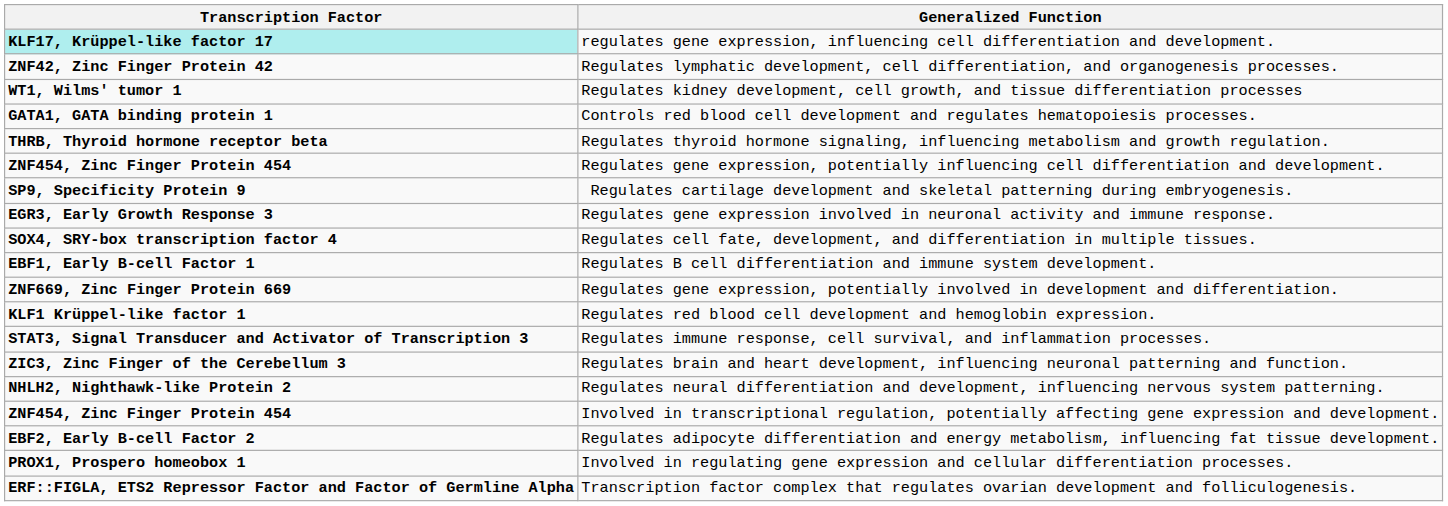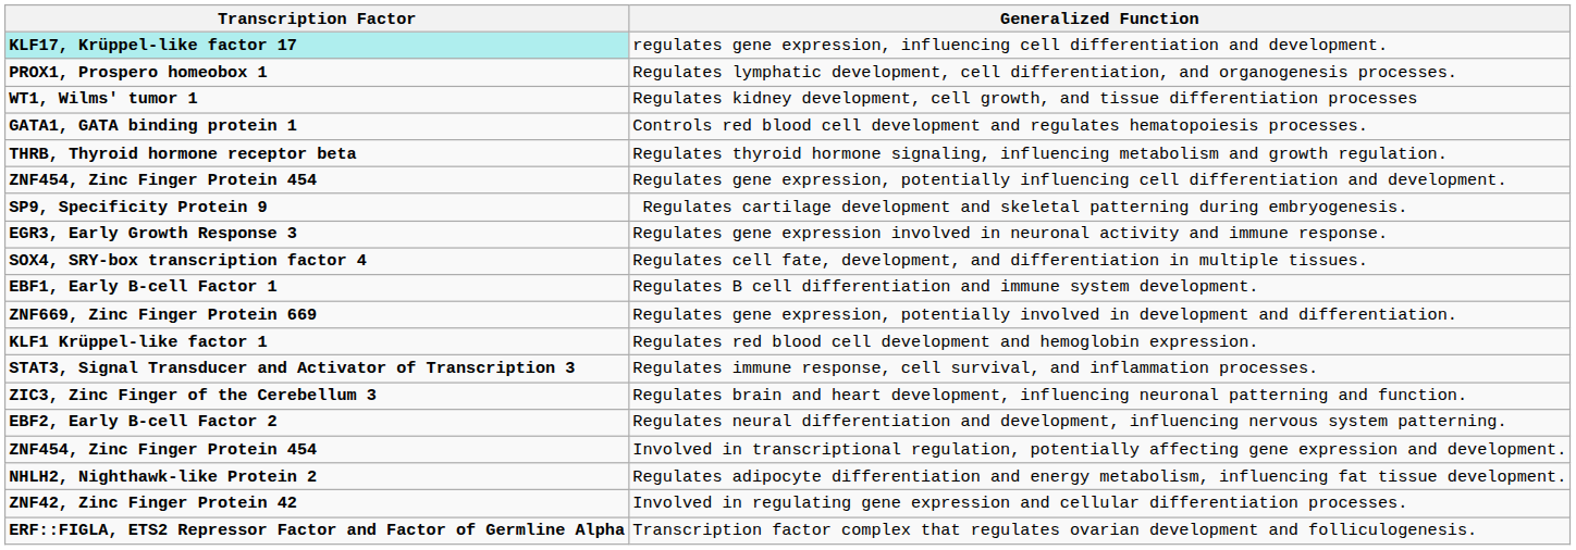 <table class="wikitable mw-collapsible">
 <tr>
 <th>Transcription Factor</th>
 <th>Generalized Function</th>
 </tr>
 <tr>
 <td style="background: paleturquoise;"><strong>KLF17, Krüppel-like factor 17</strong></td>
 <td>regulates gene expression, influencing cell differentiation and development.</td>
 </tr>
 <tr>
-<td><strong>ZNF42, Zinc Finger Protein 42</strong></td>
+<td><strong>PROX1, Prospero homeobox 1</strong></td>
 <td>Regulates lymphatic development, cell differentiation, and organogenesis processes.</td>
 </tr>
 <tr>
 <td><strong>WT1, Wilms' tumor 1</strong></td>
 <td>Regulates kidney development, cell growth, and tissue differentiation processes</td>
 </tr>
 <tr>
 <td><strong>GATA1, GATA binding protein 1</strong></td>
 <td>Controls red blood cell development and regulates hematopoiesis processes.</td>
 </tr>
 <tr>
 <td><strong>THRB, Thyroid hormone receptor beta</strong></td>
 <td>Regulates thyroid hormone signaling, influencing metabolism and growth regulation.</td>
 </tr>
 <tr>
 <td><strong>ZNF454, Zinc Finger Protein 454</strong></td>
 <td>Regulates gene expression, potentially influencing cell differentiation and development.</td>
 </tr>
 <tr>
 <td><strong>SP9, Specificity Protein 9</strong></td>
 <td> Regulates cartilage development and skeletal patterning during embryogenesis.</td>
 </tr>
 <tr>
 <td><strong>EGR3,</strong> <strong>Early Growth Response 3</strong></td>
 <td>Regulates gene expression involved in neuronal activity and immune response.</td>
 </tr>
 <tr>
 <td><strong>SOX4, SRY-box transcription factor 4</strong></td>
 <td>Regulates cell fate, development, and differentiation in multiple tissues.</td>
 </tr>
 <tr>
 <td><strong>EBF1, Early B-cell Factor 1</strong></td>
 <td>Regulates B cell differentiation and immune system development.</td>
 </tr>
 <tr>
 <td><strong>ZNF669,</strong> <strong>Zinc Finger Protein 669</strong></td>
 <td>Regulates gene expression, potentially involved in development and differentiation.</td>
 </tr>
 <tr>
 <td><strong>KLF1 Krüppel-like factor 1</strong></td>
 <td>Regulates red blood cell development and hemoglobin expression.</td>
 </tr>
 <tr>
 <td><strong>STAT3, Signal Transducer and Activator of Transcription 3</strong></td>
 <td>Regulates immune response, cell survival, and inflammation processes.</td>
 </tr>
 <tr>
 <td><strong>ZIC3, Zinc Finger of the Cerebellum 3</strong></td>
 <td>Regulates brain and heart development, influencing neuronal patterning and function.</td>
 </tr>
 <tr>
-<td><strong>NHLH2, Nighthawk-like Protein 2</strong></td>
+<td><strong>EBF2, Early B-cell Factor 2</strong></td>
 <td>Regulates neural differentiation and development, influencing nervous system patterning.</td>
 </tr>
 <tr>
 <td><strong>ZNF454, Zinc Finger Protein 454</strong></td>
 <td>Involved in transcriptional regulation, potentially affecting gene expression and development.</td>
 </tr>
 <tr>
-<td><strong>EBF2, Early B-cell Factor 2</strong></td>
+<td><strong>NHLH2, Nighthawk-like Protein 2</strong></td>
 <td>Regulates adipocyte differentiation and energy metabolism, influencing fat tissue development.</td>
 </tr>
 <tr>
-<td><strong>PROX1, Prospero homeobox 1</strong></td>
+<td><strong>ZNF42, Zinc Finger Protein 42</strong></td>
 <td>Involved in regulating gene expression and cellular differentiation processes.</td>
 </tr>
 <tr>
 <td><strong>ERF::FIGLA, ETS2 Repressor Factor and Factor of Germline Alpha</strong></td>
 <td>Transcription factor complex that regulates ovarian development and folliculogenesis.</td>
 </tr>
 </table>
